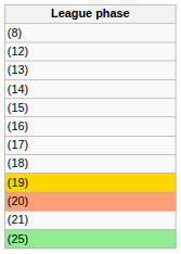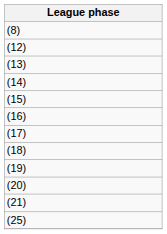 <table class="wikitable">
 <tr>
 <th width=225>League phase</th>
 </tr>
 <tr>
 <td> (8)</td>
 </tr>
 <tr>
 <td> (12)</td>
 </tr>
 <tr>
 <td> (13)</td>
 </tr>
 <tr>
 <td> (14)</td>
 </tr>
 <tr>
 <td> (15)</td>
 </tr>
 <tr>
 <td> (16)</td>
 </tr>
 <tr>
 <td> (17)</td>
 </tr>
 <tr>
 <td> (18)</td>
 </tr>
 <tr>
-<td style="background: gold;"> (19)</td>
+<td> (19)</td>
 </tr>
 <tr>
-<td style="background: lightsalmon;"> (20)</td>
+<td> (20)</td>
 </tr>
 <tr>
 <td> (21)</td>
 </tr>
 <tr>
-<td style="background: lightgreen;"> (25)</td>
+<td> (25)</td>
 </tr>
 <tr>
 </tr>
 </table>
